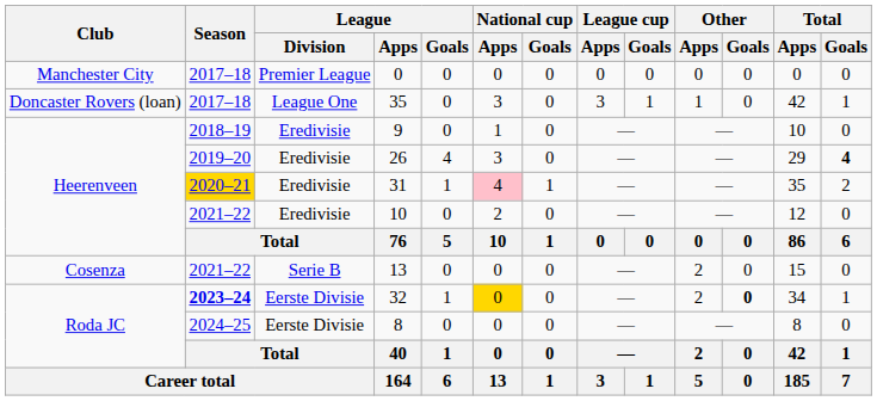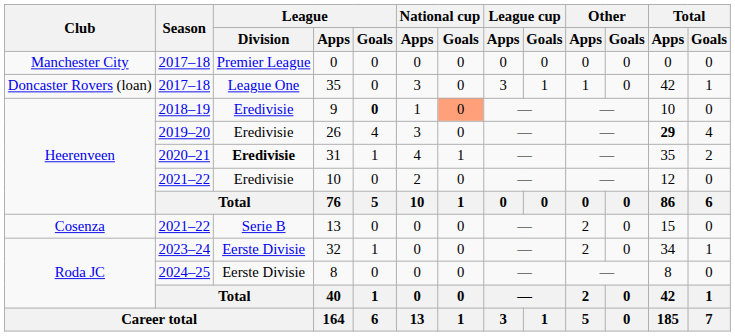 <table class="wikitable" style="text-align:center">
 <tr>
 <th rowspan="2">Club</th>
 <th rowspan="2">Season</th>
 <th colspan="3">League</th>
 <th colspan="2">National cup</th>
 <th colspan="2">League cup</th>
 <th colspan="2">Other</th>
 <th colspan="2">Total</th>
 </tr>
 <tr>
 <th>Division</th>
 <th>Apps</th>
 <th>Goals</th>
 <th>Apps</th>
 <th>Goals</th>
 <th>Apps</th>
 <th>Goals</th>
 <th>Apps</th>
 <th>Goals</th>
 <th>Apps</th>
 <th>Goals</th>
 </tr>
 <tr>
 <td><a href='#'>Manchester City</a></td>
 <td><a href='#'>2017–18</a></td>
 <td><a href='#'>Premier League</a></td>
 <td>0</td>
 <td>0</td>
 <td>0</td>
 <td>0</td>
 <td>0</td>
 <td>0</td>
 <td>0</td>
 <td>0</td>
 <td>0</td>
 <td>0</td>
 </tr>
 <tr>
 <td><a href='#'>Doncaster Rovers</a> (loan)</td>
 <td><a href='#'>2017–18</a></td>
 <td><a href='#'>League One</a></td>
 <td>35</td>
 <td>0</td>
 <td>3</td>
 <td>0</td>
 <td>3</td>
 <td>1</td>
 <td>1</td>
 <td>0</td>
 <td>42</td>
 <td>1</td>
 </tr>
 <tr>
 <td rowspan="5"><a href='#'>Heerenveen</a></td>
 <td><a href='#'>2018–19</a></td>
 <td><a href='#'>Eredivisie</a></td>
 <td>9</td>
-<td>0</td>
+<td><strong>0</strong></td>
 <td>1</td>
-<td>0</td>
+<td style="background: lightsalmon;">0</td>
 <td colspan="2">—</td>
 <td colspan="2">—</td>
 <td>10</td>
 <td>0</td>
 </tr>
 <tr>
 <td><a href='#'>2019–20</a></td>
 <td>Eredivisie</td>
 <td>26</td>
 <td>4</td>
 <td>3</td>
 <td>0</td>
 <td colspan="2">—</td>
 <td colspan="2">—</td>
-<td>29</td>
-<td><strong>4</strong></td>
+<td><strong>29</strong></td>
+<td>4</td>
 </tr>
 <tr>
-<td style="background: gold;"><a href='#'>2020–21</a></td>
-<td>Eredivisie</td>
+<td><a href='#'>2020–21</a></td>
+<td><strong>Eredivisie</strong></td>
 <td>31</td>
 <td>1</td>
-<td style="background: pink;">4</td>
+<td>4</td>
 <td>1</td>
 <td colspan="2">—</td>
 <td colspan="2">—</td>
 <td>35</td>
 <td>2</td>
 </tr>
 <tr>
 <td><a href='#'>2021–22</a></td>
 <td>Eredivisie</td>
 <td>10</td>
 <td>0</td>
 <td>2</td>
 <td>0</td>
 <td colspan="2">—</td>
 <td colspan="2">—</td>
 <td>12</td>
 <td>0</td>
 </tr>
 <tr>
 <th colspan="2">Total</th>
 <th>76</th>
 <th>5</th>
 <th>10</th>
 <th>1</th>
 <th>0</th>
 <th>0</th>
 <th>0</th>
 <th>0</th>
 <th>86</th>
 <th>6</th>
 </tr>
 <tr>
 <td><a href='#'>Cosenza</a></td>
 <td><a href='#'>2021–22</a></td>
 <td><a href='#'>Serie B</a></td>
 <td>13</td>
 <td>0</td>
 <td>0</td>
 <td>0</td>
 <td colspan="2">—</td>
 <td>2</td>
 <td>0</td>
 <td>15</td>
 <td>0</td>
 </tr>
 <tr>
 <td rowspan="3"><a href='#'>Roda JC</a></td>
-<td><strong><a href='#'>2023–24</a></strong></td>
+<td><a href='#'>2023–24</a></td>
 <td><a href='#'>Eerste Divisie</a></td>
 <td>32</td>
 <td>1</td>
-<td style="background: gold;">0</td>
+<td>0</td>
 <td>0</td>
 <td colspan="2">—</td>
 <td>2</td>
-<td><strong>0</strong></td>
+<td>0</td>
 <td>34</td>
 <td>1</td>
 </tr>
 <tr>
 <td><a href='#'>2024–25</a></td>
 <td>Eerste Divisie</td>
 <td>8</td>
 <td>0</td>
 <td>0</td>
 <td>0</td>
 <td colspan="2">—</td>
 <td colspan="2">—</td>
 <td>8</td>
 <td>0</td>
 </tr>
 <tr>
 <th colspan="2">Total</th>
 <th>40</th>
 <th>1</th>
 <th>0</th>
 <th>0</th>
 <th colspan="2">—</th>
 <th>2</th>
 <th>0</th>
 <th>42</th>
 <th>1</th>
 </tr>
 <tr>
 <th colspan="3">Career total</th>
 <th>164</th>
 <th>6</th>
 <th>13</th>
 <th>1</th>
 <th>3</th>
 <th>1</th>
 <th>5</th>
 <th>0</th>
 <th>185</th>
 <th>7</th>
 </tr>
 </table>
